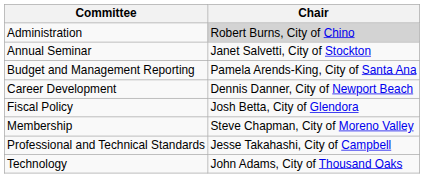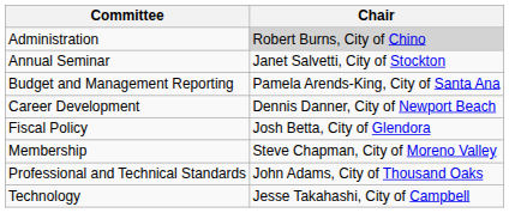 <table class="wikitable" border="1">
 <tr>
 <th>Committee</th>
 <th>Chair</th>
 </tr>
 <tr>
 <td>Administration</td>
 <td style="background: lightgrey;">Robert Burns, City of <a href='#'>Chino</a></td>
 </tr>
 <tr>
 <td>Annual Seminar</td>
 <td>Janet Salvetti, City of <a href='#'>Stockton</a></td>
 </tr>
 <tr>
 <td>Budget and Management Reporting</td>
 <td>Pamela Arends-King, City of <a href='#'>Santa Ana</a></td>
 </tr>
 <tr>
 <td>Career Development</td>
 <td>Dennis Danner, City of <a href='#'>Newport Beach</a></td>
 </tr>
 <tr>
 <td>Fiscal Policy</td>
 <td>Josh Betta, City of <a href='#'>Glendora</a></td>
 </tr>
 <tr>
 <td>Membership</td>
 <td>Steve Chapman, City of <a href='#'>Moreno Valley</a></td>
 </tr>
 <tr>
 <td>Professional and Technical Standards</td>
-<td>Jesse Takahashi, City of <a href='#'>Campbell</a></td>
+<td>John Adams, City of <a href='#'>Thousand Oaks</a></td>
 </tr>
 <tr>
 <td>Technology</td>
-<td>John Adams, City of <a href='#'>Thousand Oaks</a></td>
+<td>Jesse Takahashi, City of <a href='#'>Campbell</a></td>
 </tr>
 </table>
